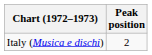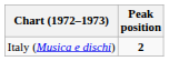 <table class="wikitable sortable">
 <tr>
 <th>Chart (1972–1973)</th>
 <th>Peak<br>position</th>
 </tr>
 <tr>
 <td>Italy (<em><a href='#'>Musica e dischi</a></em>)</td>
-<td align="center">2</td>
+<td align="center"><strong>2</strong></td>
 </tr>
 </table>
